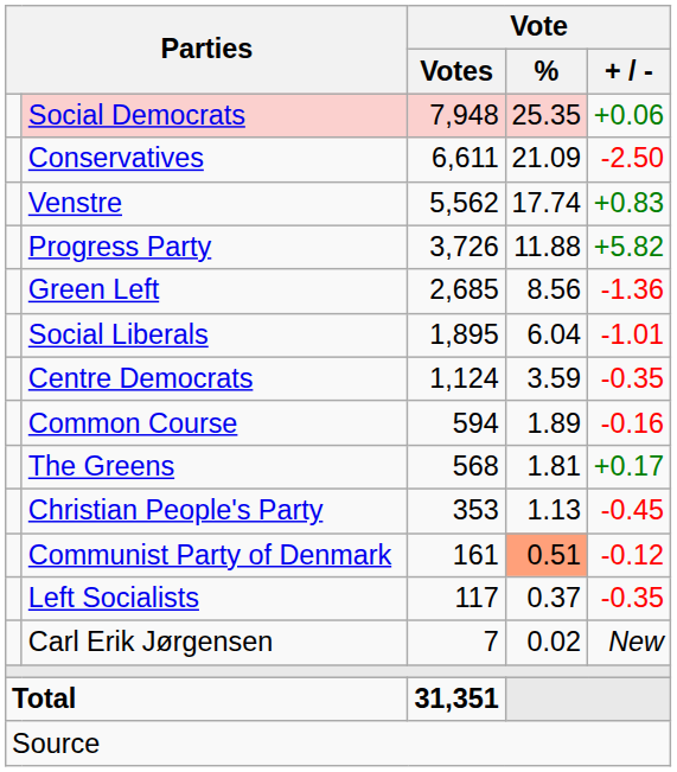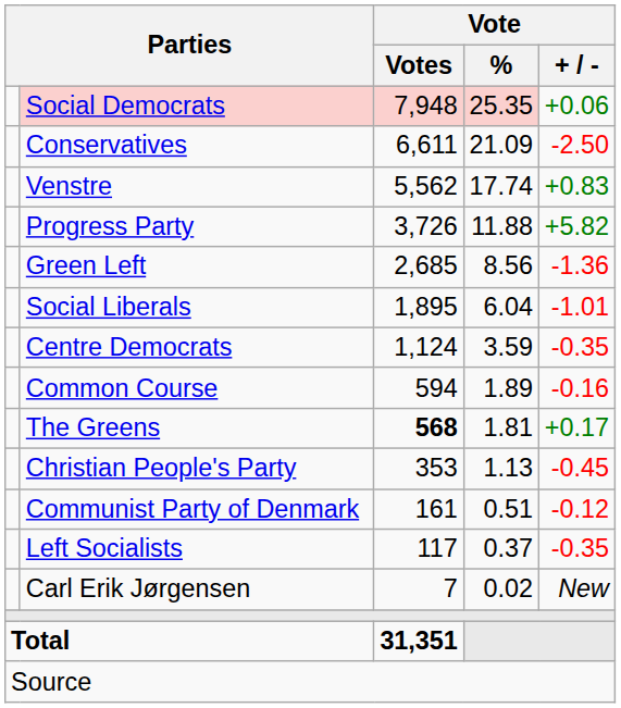 <table class="wikitable" style="text-align:right;">
 <tr>
 <th style="text-align:centre;" rowspan="2" colspan="2" width="225">Parties</th>
 <th colspan="3">Vote</th>
 </tr>
 <tr>
 <th width="15">Votes</th>
 <th width="15">%</th>
 <th width="15">+ / -</th>
 </tr>
 <tr>
 <td width="2" style="color:inherit;background:"></td>
 <td bgcolor=#fbd0ce  align="left"><a href='#'>Social Democrats</a></td>
 <td bgcolor=#fbd0ce>7,948</td>
 <td bgcolor=#fbd0ce>25.35</td>
 <td style=color:green;>+0.06</td>
 </tr>
 <tr>
 <td width="2" style="color:inherit;background:"></td>
 <td align="left"><a href='#'>Conservatives</a></td>
 <td>6,611</td>
 <td>21.09</td>
 <td style=color:red;>-2.50</td>
 </tr>
 <tr>
 <td width="2" style="color:inherit;background:"></td>
 <td align="left"><a href='#'>Venstre</a></td>
 <td>5,562</td>
 <td>17.74</td>
 <td style=color:green;>+0.83</td>
 </tr>
 <tr>
 <td width="2" style="color:inherit;background:"></td>
 <td align="left"><a href='#'>Progress Party</a></td>
 <td>3,726</td>
 <td>11.88</td>
 <td style=color:green;>+5.82</td>
 </tr>
 <tr>
 <td width="2" style="color:inherit;background:"></td>
 <td align="left"><a href='#'>Green Left</a></td>
 <td>2,685</td>
 <td>8.56</td>
 <td style=color:red;>-1.36</td>
 </tr>
 <tr>
 <td width="2" style="color:inherit;background:"></td>
 <td align="left"><a href='#'>Social Liberals</a></td>
 <td>1,895</td>
 <td>6.04</td>
 <td style=color:red;>-1.01</td>
 </tr>
 <tr>
 <td width="2" style="color:inherit;background:"></td>
 <td align="left"><a href='#'>Centre Democrats</a></td>
 <td>1,124</td>
 <td>3.59</td>
 <td style=color:red;>-0.35</td>
 </tr>
 <tr>
 <td width="2" style="color:inherit;background:"></td>
 <td align="left"><a href='#'>Common Course</a></td>
 <td>594</td>
 <td>1.89</td>
 <td style=color:red;>-0.16</td>
 </tr>
 <tr>
 <td width="2" style="color:inherit;background:"></td>
 <td align="left"><a href='#'>The Greens</a></td>
-<td>568</td>
+<td><strong>568</strong></td>
 <td>1.81</td>
 <td style=color:green;>+0.17</td>
 </tr>
 <tr>
 <td width="2" style="color:inherit;background:"></td>
 <td align="left"><a href='#'>Christian People's Party</a></td>
 <td>353</td>
 <td>1.13</td>
 <td style=color:red;>-0.45</td>
 </tr>
 <tr>
 <td width="2" style="color:inherit;background:"></td>
 <td align="left"><a href='#'>Communist Party of Denmark</a></td>
 <td>161</td>
-<td style="background: lightsalmon;">0.51</td>
+<td>0.51</td>
 <td style=color:red;>-0.12</td>
 </tr>
 <tr>
 <td width="2" style="color:inherit;background:"></td>
 <td align="left"><a href='#'>Left Socialists</a></td>
 <td>117</td>
 <td>0.37</td>
 <td style=color:red;>-0.35</td>
 </tr>
 <tr>
 <td width="2" style="color:inherit;background:"></td>
 <td align="left">Carl Erik Jørgensen</td>
 <td>7</td>
 <td>0.02</td>
 <td><em>New</em></td>
 </tr>
 <tr>
 <td colspan="7" bgcolor="#E9E9E9"></td>
 </tr>
 <tr>
 <td align="left" colspan="2"><strong>Total</strong></td>
 <td><strong>31,351</strong></td>
 <td bgcolor="#E9E9E9" colspan="2"></td>
 </tr>
 <tr>
 <td align="left" colspan="6">Source</td>
 </tr>
 </table>
